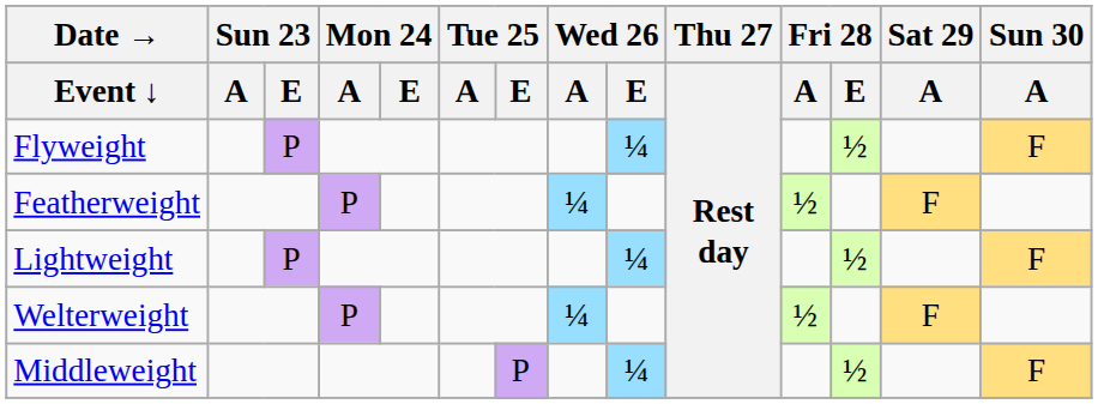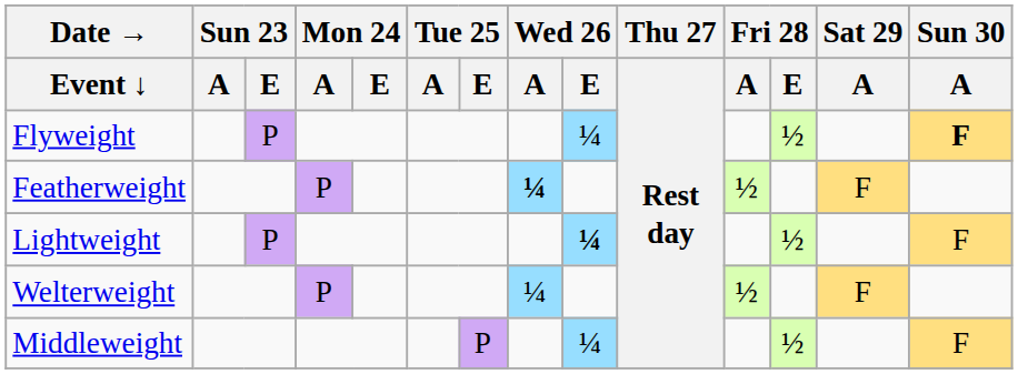 <table class="wikitable" style="margin:0.5em auto; font-size:90%; line-height:1.25em;text-align:center;">
 <tr>
 <th>Date →</th>
 <th colspan="2">Sun 23</th>
 <th colspan="2">Mon 24</th>
 <th colspan="2">Tue 25</th>
 <th colspan="2">Wed 26</th>
 <th>Thu 27</th>
 <th colspan="2">Fri 28</th>
 <th>Sat 29</th>
 <th>Sun 30</th>
 </tr>
 <tr>
 <th>Event   ↓</th>
 <th>A</th>
 <th>E</th>
 <th>A</th>
 <th>E</th>
 <th>A</th>
 <th>E</th>
 <th>A</th>
 <th>E</th>
 <th rowspan=6>Rest<br>day</th>
 <th>A</th>
 <th>E</th>
 <th>A</th>
 <th>A</th>
 </tr>
 <tr>
 <td style="text-align:left;"><a href='#'>Flyweight</a></td>
 <td></td>
 <td style="background-color:#D0A9F5">P</td>
 <td colspan="2"></td>
 <td colspan="2"></td>
 <td></td>
 <td style="background-color:#97DEFF;">¼</td>
 <td></td>
 <td style="background-color:#D9FFB2;">½</td>
 <td></td>
-<td style="background-color:#FFDF80;">F</td>
+<td style="background-color:#FFDF80;"><strong>F</strong></td>
 </tr>
 <tr>
 <td style="text-align:left;"><a href='#'>Featherweight</a></td>
 <td colspan="2"></td>
 <td style="background-color:#D0A9F5">P</td>
 <td></td>
 <td colspan="2"></td>
-<td style="background-color:#97DEFF;">¼</td>
+<td style="background-color:#97DEFF;"><strong>¼</strong></td>
 <td></td>
 <td style="background-color:#D9FFB2;">½</td>
 <td></td>
 <td style="background-color:#FFDF80;">F</td>
 <td></td>
 </tr>
 <tr>
 <td style="text-align:left;"><a href='#'>Lightweight</a></td>
 <td></td>
 <td style="background-color:#D0A9F5">P</td>
 <td colspan="2"></td>
 <td colspan="2"></td>
 <td></td>
-<td style="background-color:#97DEFF;">¼</td>
+<td style="background-color:#97DEFF;"><strong>¼</strong></td>
 <td></td>
 <td style="background-color:#D9FFB2;">½</td>
 <td></td>
 <td style="background-color:#FFDF80;">F</td>
 </tr>
 <tr>
 <td style="text-align:left;"><a href='#'>Welterweight</a></td>
 <td colspan="2"></td>
 <td style="background-color:#D0A9F5">P</td>
 <td></td>
 <td colspan="2"></td>
 <td style="background-color:#97DEFF;">¼</td>
 <td></td>
 <td style="background-color:#D9FFB2;">½</td>
 <td></td>
 <td style="background-color:#FFDF80;">F</td>
 <td></td>
 </tr>
 <tr>
 <td style="text-align:left;"><a href='#'>Middleweight</a></td>
 <td colspan="2"></td>
 <td colspan="2"></td>
 <td></td>
 <td style="background-color:#D0A9F5">P</td>
 <td></td>
 <td style="background-color:#97DEFF;">¼</td>
 <td></td>
 <td style="background-color:#D9FFB2;">½</td>
 <td></td>
 <td style="background-color:#FFDF80;">F</td>
 </tr>
 </table>
